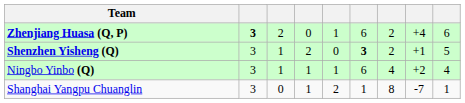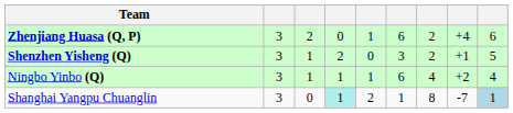 <table class="wikitable" style="text-align:center;">
 <tr>
 <th width=310>Team</th>
 <th width=30></th>
 <th width=30></th>
 <th width=30></th>
 <th width=30></th>
 <th width=30></th>
 <th width=30></th>
 <th width=30></th>
 <th width=30></th>
 </tr>
 <tr bgcolor="#ccffcc">
 <td align="left"><strong><a href='#'>Zhenjiang Huasa</a> (Q, P)</strong></td>
-<td><strong>3</strong></td>
+<td>3</td>
 <td>2</td>
 <td>0</td>
 <td>1</td>
 <td>6</td>
 <td>2</td>
 <td>+4</td>
 <td>6</td>
 </tr>
 <tr bgcolor="#ccffcc">
 <td align="left"><strong><a href='#'>Shenzhen Yisheng</a> (Q)</strong></td>
 <td>3</td>
 <td>1</td>
 <td>2</td>
 <td>0</td>
-<td><strong>3</strong></td>
+<td>3</td>
 <td>2</td>
 <td>+1</td>
 <td>5</td>
 </tr>
 <tr bgcolor="#ccffcc">
 <td align="left"><a href='#'>Ningbo Yinbo</a> <strong>(Q)</strong></td>
 <td>3</td>
 <td>1</td>
 <td>1</td>
 <td>1</td>
 <td>6</td>
 <td>4</td>
 <td>+2</td>
 <td>4</td>
 </tr>
 <tr>
 <td align="left"><a href='#'>Shanghai Yangpu Chuanglin</a></td>
 <td>3</td>
 <td>0</td>
-<td>1</td>
+<td style="background: paleturquoise;">1</td>
 <td>2</td>
 <td>1</td>
 <td>8</td>
 <td>-7</td>
-<td>1</td>
+<td style="background: lightblue;">1</td>
 </tr>
 </table>
